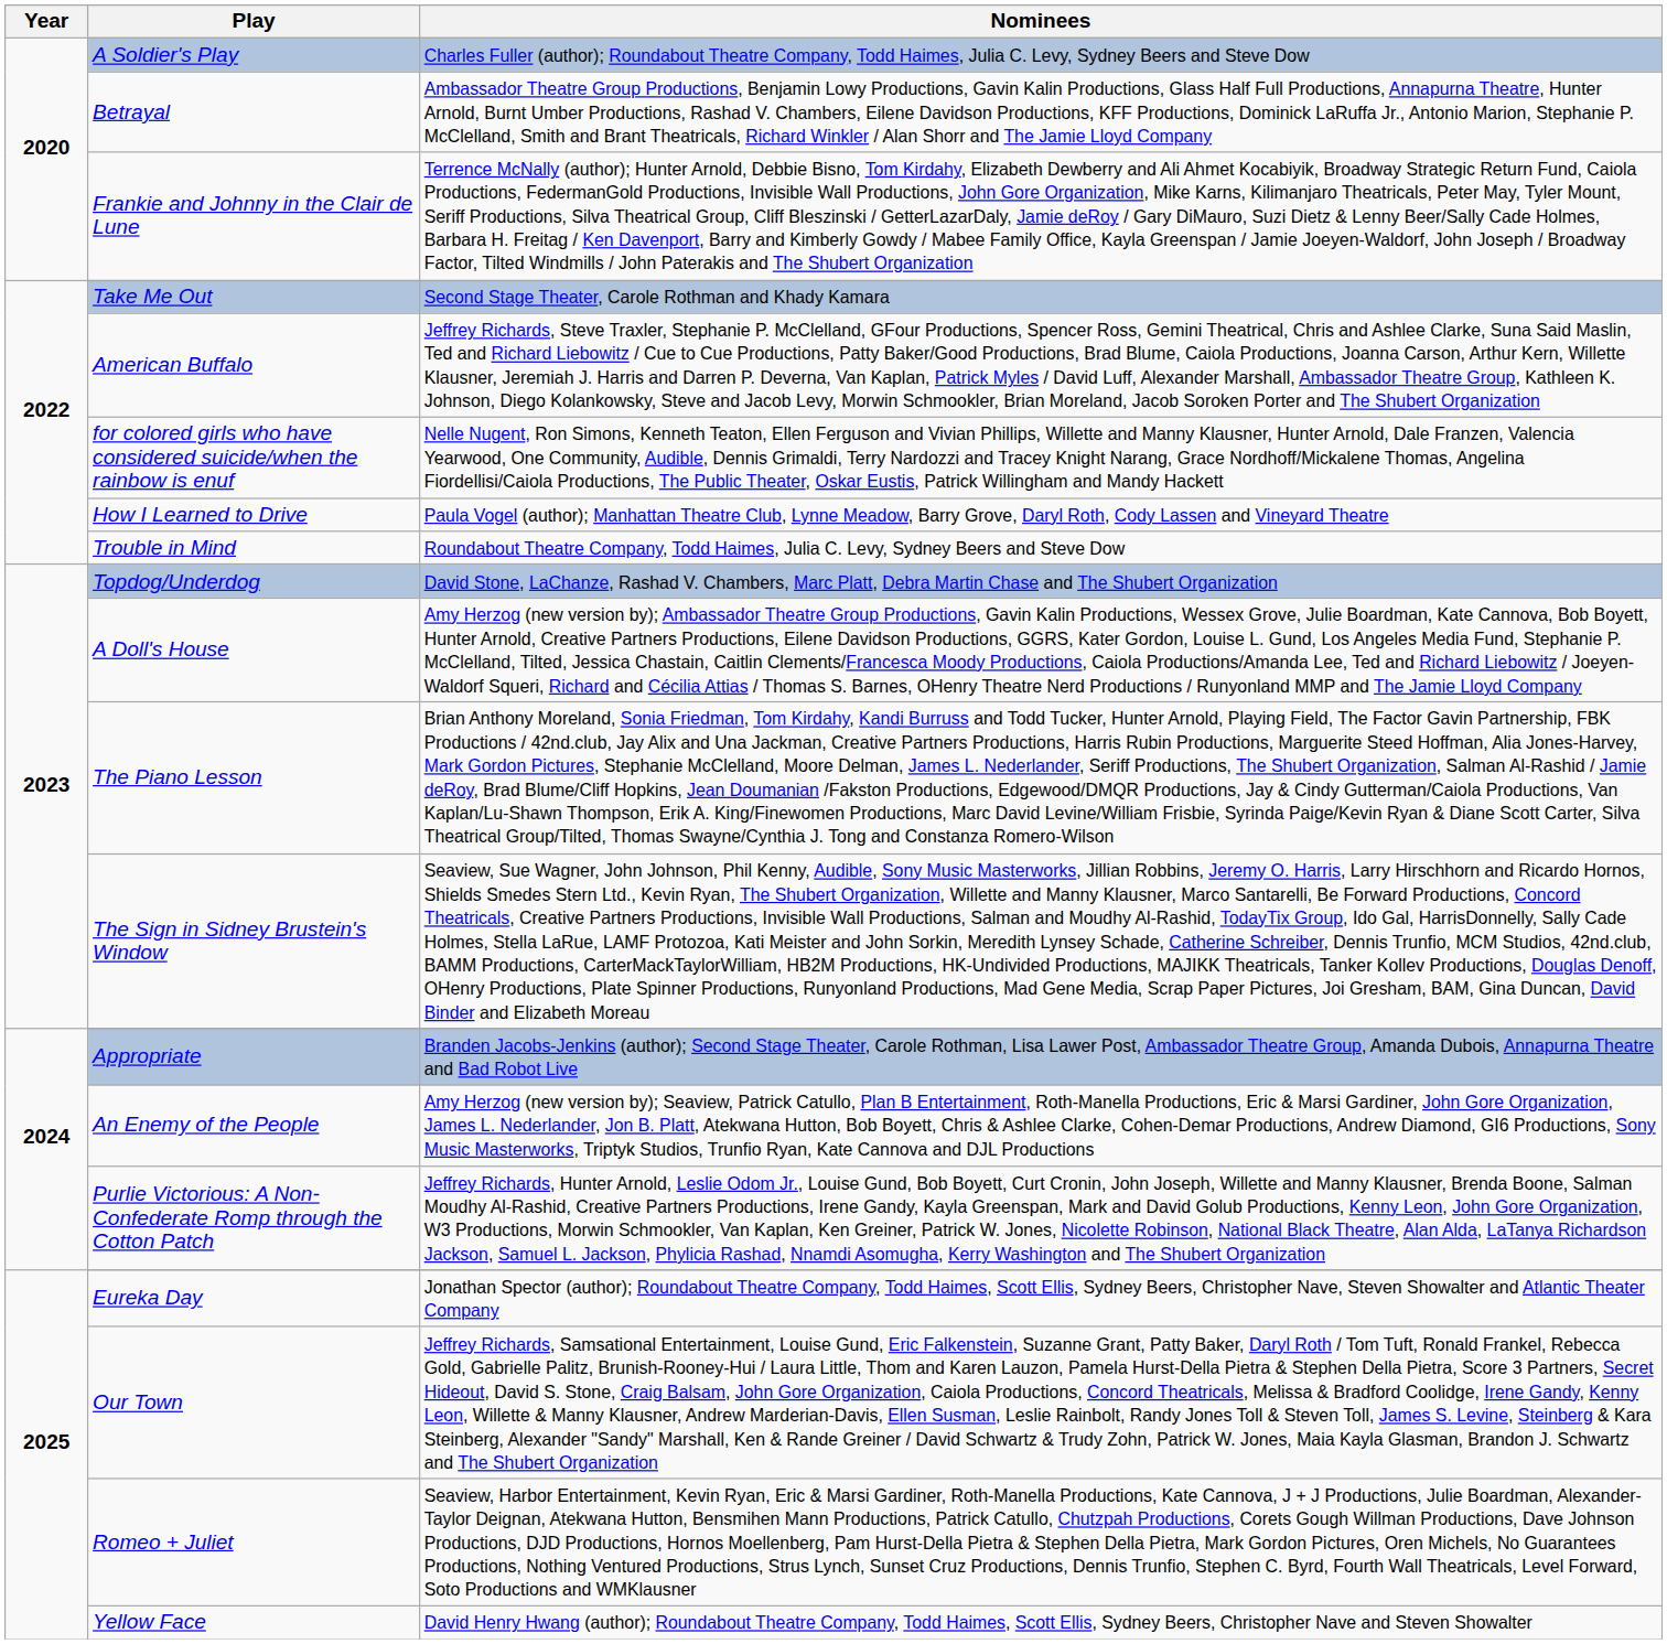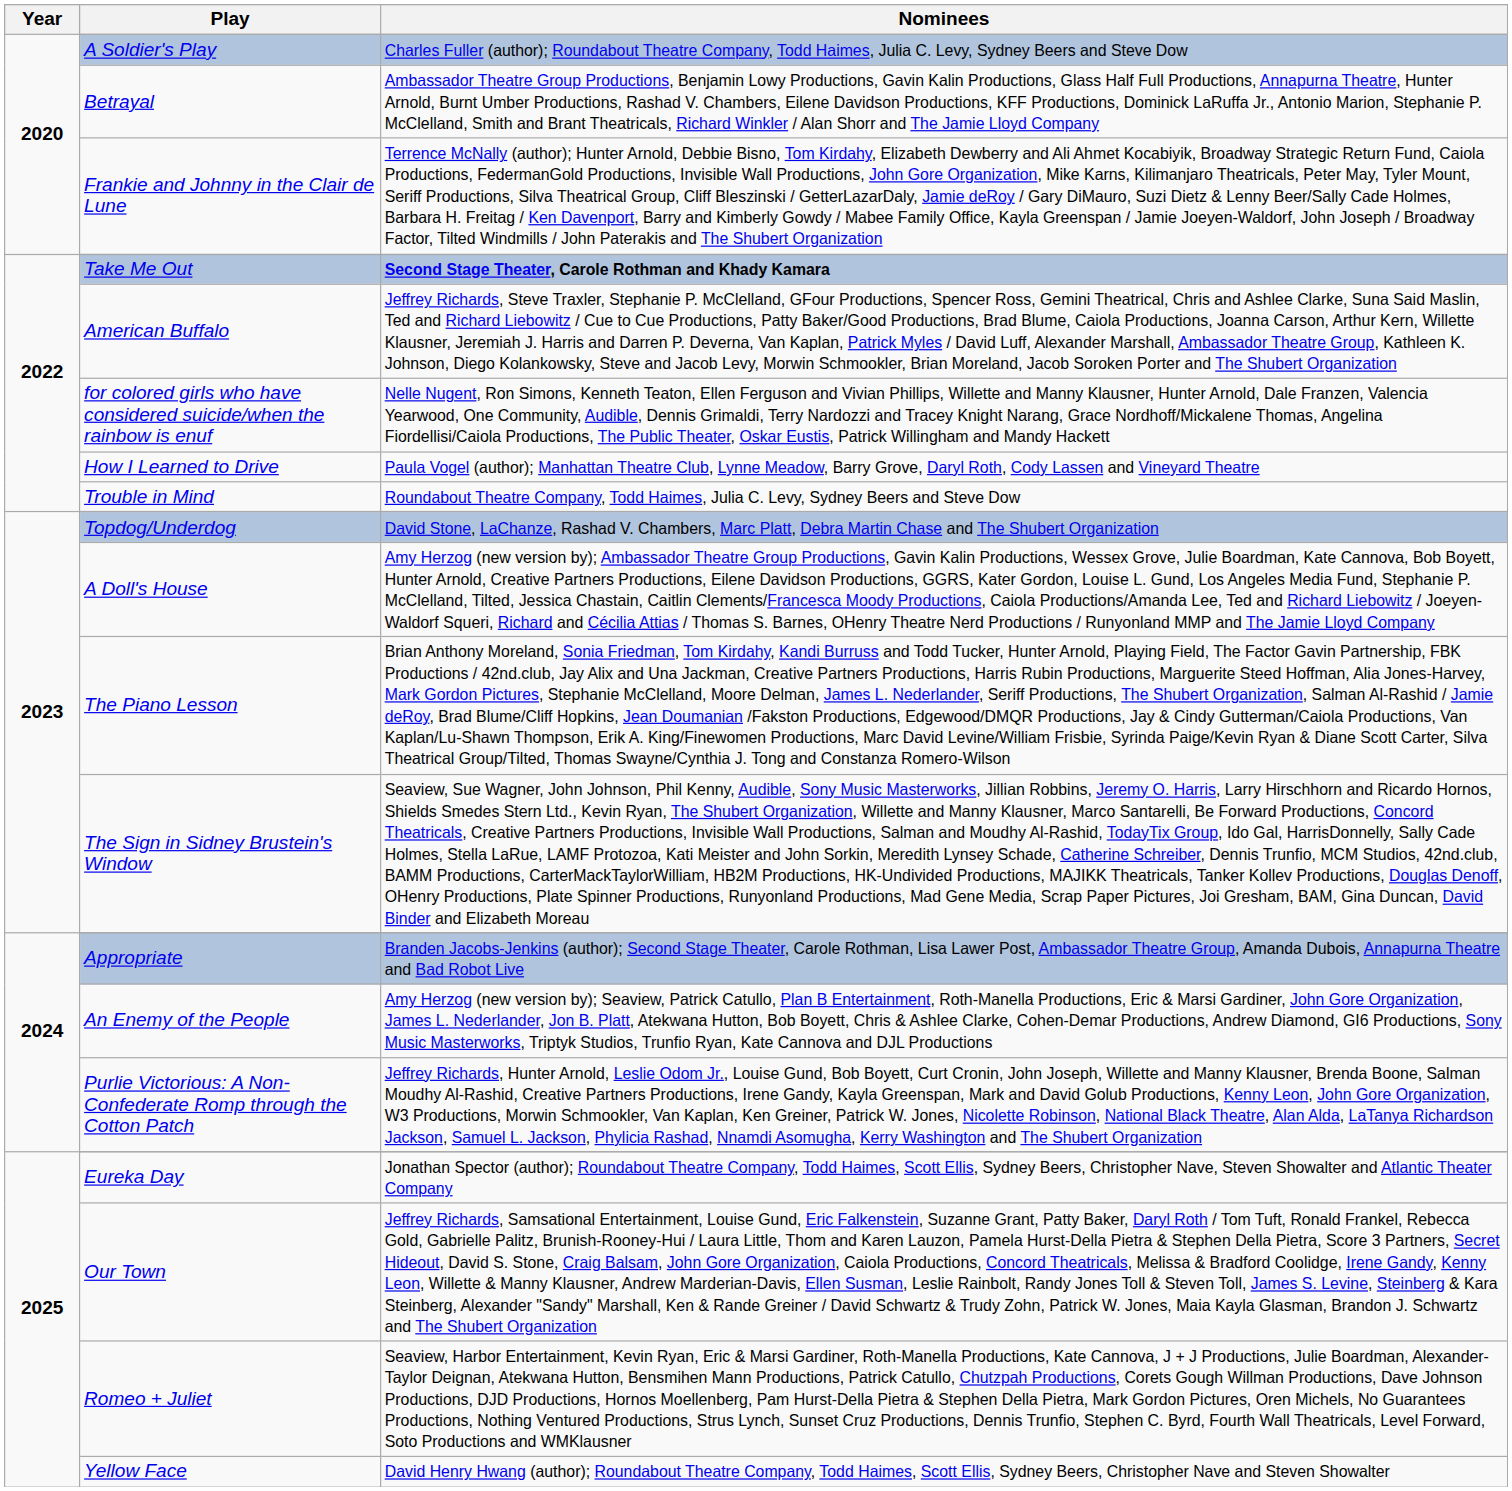 <table class="wikitable" style="width:100%;">
 <tr style="background:#bebebe;">
 <th style="width:5%;">Year</th>
 <th style="width:20%;">Play</th>
 <th style="width:75%;">Nominees</th>
 </tr>
 <tr>
 <td rowspan="4" align="center"><strong>2020</strong><br><br></td>
 </tr>
 <tr style="background:#B0C4DE;">
 <td><em><a href='#'>A Soldier's Play</a></em></td>
 <td><small><a href='#'>Charles Fuller</a> (author); <a href='#'>Roundabout Theatre Company</a>, <a href='#'>Todd Haimes</a>, Julia C. Levy, Sydney Beers and Steve Dow</small></td>
 </tr>
 <tr>
 <td><em><a href='#'>Betrayal</a></em></td>
 <td><small><a href='#'>Ambassador Theatre Group Productions</a>, Benjamin Lowy Productions, Gavin Kalin Productions, Glass Half Full Productions, <a href='#'>Annapurna Theatre</a>, Hunter Arnold, Burnt Umber Productions, Rashad V. Chambers, Eilene Davidson Productions, KFF Productions, Dominick LaRuffa Jr., Antonio Marion, Stephanie P. McClelland, Smith and Brant Theatricals, <a href='#'>Richard Winkler</a> / Alan Shorr and <a href='#'>The Jamie Lloyd Company</a></small></td>
 </tr>
 <tr>
 <td><em><a href='#'>Frankie and Johnny in the Clair de Lune</a></em></td>
 <td><small><a href='#'>Terrence McNally</a> (author); Hunter Arnold, Debbie Bisno, <a href='#'>Tom Kirdahy</a>, Elizabeth Dewberry and Ali Ahmet Kocabiyik, Broadway Strategic Return Fund, Caiola Productions, FedermanGold Productions, Invisible Wall Productions, <a href='#'>John Gore Organization</a>, Mike Karns, Kilimanjaro Theatricals, Peter May, Tyler Mount, Seriff Productions, Silva Theatrical Group, Cliff Bleszinski / GetterLazarDaly, <a href='#'>Jamie deRoy</a> / Gary DiMauro, Suzi Dietz & Lenny Beer/Sally Cade Holmes, Barbara H. Freitag / <a href='#'>Ken Davenport</a>, Barry and Kimberly Gowdy / Mabee Family Office, Kayla Greenspan / Jamie Joeyen-Waldorf, John Joseph / Broadway Factor, Tilted Windmills / John Paterakis and <a href='#'>The Shubert Organization</a></small></td>
 </tr>
 <tr>
 <td rowspan="6" align="center"><strong>2022</strong><br><br></td>
 </tr>
 <tr style="background:#B0C4DE;">
 <td><em><a href='#'>Take Me Out</a></em></td>
-<td><small><a href='#'>Second Stage Theater</a>, Carole Rothman and Khady Kamara</small></td>
+<td><strong><small><a href='#'>Second Stage Theater</a>, Carole Rothman and Khady Kamara</small></strong></td>
 </tr>
 <tr>
 <td><em><a href='#'>American Buffalo</a></em></td>
 <td><small><a href='#'>Jeffrey Richards</a>, Steve Traxler, Stephanie P. McClelland, GFour Productions, Spencer Ross, Gemini Theatrical, Chris and Ashlee Clarke, Suna Said Maslin, Ted and <a href='#'>Richard Liebowitz</a> / Cue to Cue Productions, Patty Baker/Good Productions, Brad Blume, Caiola Productions, Joanna Carson, Arthur Kern, Willette Klausner, Jeremiah J. Harris and Darren P. Deverna, Van Kaplan, <a href='#'>Patrick Myles</a> / David Luff, Alexander Marshall, <a href='#'>Ambassador Theatre Group</a>, Kathleen K. Johnson, Diego Kolankowsky, Steve and Jacob Levy, Morwin Schmookler, Brian Moreland, Jacob Soroken Porter and <a href='#'>The Shubert Organization</a></small></td>
 </tr>
 <tr>
 <td><em><a href='#'>for colored girls who have considered suicide/when the rainbow is enuf</a></em></td>
 <td><small><a href='#'>Nelle Nugent</a>, Ron Simons, Kenneth Teaton, Ellen Ferguson and Vivian Phillips, Willette and Manny Klausner, Hunter Arnold, Dale Franzen, Valencia Yearwood, One Community, <a href='#'>Audible</a>, Dennis Grimaldi, Terry Nardozzi and Tracey Knight Narang, Grace Nordhoff/Mickalene Thomas, Angelina Fiordellisi/Caiola Productions, <a href='#'>The Public Theater</a>, <a href='#'>Oskar Eustis</a>, Patrick Willingham and Mandy Hackett</small></td>
 </tr>
 <tr>
 <td><em><a href='#'>How I Learned to Drive</a></em></td>
 <td><small><a href='#'>Paula Vogel</a> (author); <a href='#'>Manhattan Theatre Club</a>, <a href='#'>Lynne Meadow</a>, Barry Grove, <a href='#'>Daryl Roth</a>, <a href='#'>Cody Lassen</a> and <a href='#'>Vineyard Theatre</a></small></td>
 </tr>
 <tr>
 <td><em><a href='#'>Trouble in Mind</a></em></td>
 <td><small><a href='#'>Roundabout Theatre Company</a>, <a href='#'>Todd Haimes</a>, Julia C. Levy, Sydney Beers and Steve Dow</small></td>
 </tr>
 <tr>
 <td rowspan="5" align="center"><strong>2023</strong><br><br></td>
 </tr>
 <tr style="background:#B0C4DE;">
 <td><em><a href='#'>Topdog/Underdog</a></em></td>
 <td><small><a href='#'>David Stone</a>, <a href='#'>LaChanze</a>, Rashad V. Chambers, <a href='#'>Marc Platt</a>, <a href='#'>Debra Martin Chase</a> and <a href='#'>The Shubert Organization</a></small></td>
 </tr>
 <tr>
 <td><em><a href='#'>A Doll's House</a></em></td>
 <td><small><a href='#'>Amy Herzog</a> (new version by); <a href='#'>Ambassador Theatre Group Productions</a>, Gavin Kalin Productions, Wessex Grove, Julie Boardman, Kate Cannova, Bob Boyett, Hunter Arnold, Creative Partners Productions, Eilene Davidson Productions, GGRS, Kater Gordon, Louise L. Gund, Los Angeles Media Fund, Stephanie P. McClelland, Tilted, Jessica Chastain, Caitlin Clements/<a href='#'>Francesca Moody Productions</a>, Caiola Productions/Amanda Lee, Ted and <a href='#'>Richard Liebowitz</a> / Joeyen-Waldorf Squeri, <a href='#'>Richard</a> and <a href='#'>Cécilia Attias</a> / Thomas S. Barnes, OHenry Theatre Nerd Productions / Runyonland MMP and <a href='#'>The Jamie Lloyd Company</a></small></td>
 </tr>
 <tr>
 <td><em><a href='#'>The Piano Lesson</a></em></td>
 <td><small>Brian Anthony Moreland, <a href='#'>Sonia Friedman</a>, <a href='#'>Tom Kirdahy</a>, <a href='#'>Kandi Burruss</a> and Todd Tucker, Hunter Arnold, Playing Field, The Factor Gavin Partnership, FBK Productions / 42nd.club, Jay Alix and Una Jackman, Creative Partners Productions, Harris Rubin Productions, Marguerite Steed Hoffman, Alia Jones-Harvey, <a href='#'>Mark Gordon Pictures</a>, Stephanie McClelland, Moore Delman, <a href='#'>James L. Nederlander</a>, Seriff Productions, <a href='#'>The Shubert Organization</a>, Salman Al-Rashid / <a href='#'>Jamie deRoy</a>, Brad Blume/Cliff Hopkins, <a href='#'>Jean Doumanian</a> /Fakston Productions, Edgewood/DMQR Productions, Jay & Cindy Gutterman/Caiola Productions, Van Kaplan/Lu-Shawn Thompson, Erik A. King/Finewomen Productions, Marc David Levine/William Frisbie, Syrinda Paige/Kevin Ryan & Diane Scott Carter, Silva Theatrical Group/Tilted, Thomas Swayne/Cynthia J. Tong and Constanza Romero-Wilson</small></td>
 </tr>
 <tr>
 <td><em><a href='#'>The Sign in Sidney Brustein's Window</a></em></td>
 <td><small>Seaview, Sue Wagner, John Johnson, Phil Kenny, <a href='#'>Audible</a>, <a href='#'>Sony Music Masterworks</a>, Jillian Robbins, <a href='#'>Jeremy O. Harris</a>, Larry Hirschhorn and Ricardo Hornos, Shields Smedes Stern Ltd., Kevin Ryan, <a href='#'>The Shubert Organization</a>, Willette and Manny Klausner, Marco Santarelli, Be Forward Productions, <a href='#'>Concord Theatricals</a>, Creative Partners Productions, Invisible Wall Productions, Salman and Moudhy Al-Rashid, <a href='#'>TodayTix Group</a>, Ido Gal, HarrisDonnelly, Sally Cade Holmes, Stella LaRue, LAMF Protozoa, Kati Meister and John Sorkin, Meredith Lynsey Schade, <a href='#'>Catherine Schreiber</a>, Dennis Trunfio, MCM Studios, 42nd.club, BAMM Productions, CarterMackTaylorWilliam, HB2M Productions, HK-Undivided Productions, MAJIKK Theatricals, Tanker Kollev Productions, <a href='#'>Douglas Denoff</a>, OHenry Productions, Plate Spinner Productions, Runyonland Productions, Mad Gene Media, Scrap Paper Pictures, Joi Gresham, BAM, Gina Duncan, <a href='#'>David Binder</a> and Elizabeth Moreau</small></td>
 </tr>
 <tr>
 <td rowspan="4" align="center"><strong>2024</strong><br><br></td>
 </tr>
 <tr style="background:#B0C4DE;">
 <td><em><a href='#'>Appropriate</a></em></td>
 <td><small><a href='#'>Branden Jacobs-Jenkins</a> (author); <a href='#'>Second Stage Theater</a>, Carole Rothman, Lisa Lawer Post, <a href='#'>Ambassador Theatre Group</a>, Amanda Dubois, <a href='#'>Annapurna Theatre</a> and <a href='#'>Bad Robot Live</a></small></td>
 </tr>
 <tr>
 <td><em><a href='#'>An Enemy of the People</a></em></td>
 <td><small><a href='#'>Amy Herzog</a> (new version by); Seaview, Patrick Catullo, <a href='#'>Plan B Entertainment</a>, Roth-Manella Productions, Eric & Marsi Gardiner, <a href='#'>John Gore Organization</a>, <a href='#'>James L. Nederlander</a>, <a href='#'>Jon B. Platt</a>, Atekwana Hutton, Bob Boyett, Chris & Ashlee Clarke, Cohen-Demar Productions, Andrew Diamond, GI6 Productions, <a href='#'>Sony Music Masterworks</a>, Triptyk Studios, Trunfio Ryan, Kate Cannova and DJL Productions</small></td>
 </tr>
 <tr>
 <td><em><a href='#'>Purlie Victorious: A Non-Confederate Romp through the Cotton Patch</a></em></td>
 <td><small><a href='#'>Jeffrey Richards</a>, Hunter Arnold, <a href='#'>Leslie Odom Jr.</a>, Louise Gund, Bob Boyett, Curt Cronin, John Joseph, Willette and Manny Klausner, Brenda Boone, Salman Moudhy Al-Rashid, Creative Partners Productions, Irene Gandy, Kayla Greenspan, Mark and David Golub Productions, <a href='#'>Kenny Leon</a>, <a href='#'>John Gore Organization</a>, W3 Productions, Morwin Schmookler, Van Kaplan, Ken Greiner, Patrick W. Jones, <a href='#'>Nicolette Robinson</a>, <a href='#'>National Black Theatre</a>, <a href='#'>Alan Alda</a>, <a href='#'>LaTanya Richardson Jackson</a>, <a href='#'>Samuel L. Jackson</a>, <a href='#'>Phylicia Rashad</a>, <a href='#'>Nnamdi Asomugha</a>, <a href='#'>Kerry Washington</a> and <a href='#'>The Shubert Organization</a></small></td>
 </tr>
 <tr>
 <td rowspan="5" align="center"><strong>2025</strong><br><br></td>
 </tr>
 <tr>
 <td><em><a href='#'>Eureka Day</a></em></td>
 <td><small>Jonathan Spector (author); <a href='#'>Roundabout Theatre Company</a>, <a href='#'>Todd Haimes</a>, <a href='#'>Scott Ellis</a>, Sydney Beers, Christopher Nave, Steven Showalter and <a href='#'>Atlantic Theater Company</a></small></td>
 </tr>
 <tr>
 <td><em><a href='#'>Our Town</a></em></td>
 <td><small><a href='#'>Jeffrey Richards</a>, Samsational Entertainment, Louise Gund, <a href='#'>Eric Falkenstein</a>, Suzanne Grant, Patty Baker, <a href='#'>Daryl Roth</a> / Tom Tuft, Ronald Frankel, Rebecca Gold, Gabrielle Palitz, Brunish-Rooney-Hui / Laura Little, Thom and Karen Lauzon, Pamela Hurst-Della Pietra & Stephen Della Pietra, Score 3 Partners, <a href='#'>Secret Hideout</a>, David S. Stone, <a href='#'>Craig Balsam</a>, <a href='#'>John Gore Organization</a>, Caiola Productions, <a href='#'>Concord Theatricals</a>, Melissa & Bradford Coolidge, <a href='#'>Irene Gandy</a>, <a href='#'>Kenny Leon</a>, Willette & Manny Klausner, Andrew Marderian-Davis, <a href='#'>Ellen Susman</a>, Leslie Rainbolt, Randy Jones Toll & Steven Toll, <a href='#'>James S. Levine</a>, <a href='#'>Steinberg</a> & Kara Steinberg, Alexander "Sandy" Marshall, Ken & Rande Greiner / David Schwartz & Trudy Zohn, Patrick W. Jones, Maia Kayla Glasman, Brandon J. Schwartz and <a href='#'>The Shubert Organization</a></small></td>
 </tr>
 <tr>
 <td><em><a href='#'>Romeo + Juliet</a></em></td>
 <td><small>Seaview, Harbor Entertainment, Kevin Ryan, Eric & Marsi Gardiner, Roth-Manella Productions, Kate Cannova, J + J Productions, Julie Boardman, Alexander-Taylor Deignan, Atekwana Hutton, Bensmihen Mann Productions, Patrick Catullo, <a href='#'>Chutzpah Productions</a>, Corets Gough Willman Productions, Dave Johnson Productions, DJD Productions, Hornos Moellenberg, Pam Hurst-Della Pietra & Stephen Della Pietra, Mark Gordon Pictures, Oren Michels, No Guarantees Productions, Nothing Ventured Productions, Strus Lynch, Sunset Cruz Productions, Dennis Trunfio, Stephen C. Byrd, Fourth Wall Theatricals, Level Forward, Soto Productions and WMKlausner</small></td>
 </tr>
 <tr>
 <td><em><a href='#'>Yellow Face</a></em></td>
 <td><small><a href='#'>David Henry Hwang</a> (author); <a href='#'>Roundabout Theatre Company</a>, <a href='#'>Todd Haimes</a>, <a href='#'>Scott Ellis</a>, Sydney Beers, Christopher Nave and Steven Showalter</small></td>
 </tr>
 <tr>
 </tr>
 </table>
